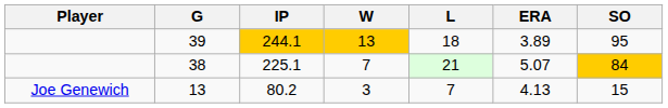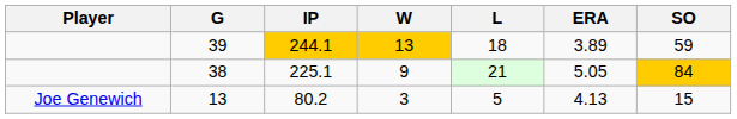 <table class="wikitable sortable">
 <tr>
 <th bgcolor="#DDDDFF" width="16%">Player</th>
 <th bgcolor="#DDDDFF" width="9%">G</th>
 <th bgcolor="#DDDDFF" width="9%">IP</th>
 <th bgcolor="#DDDDFF" width="9%">W</th>
 <th bgcolor="#DDDDFF" width="9%">L</th>
 <th bgcolor="#DDDDFF" width="9%">ERA</th>
 <th bgcolor="#DDDDFF" width="9%">SO</th>
 </tr>
 <tr align="center">
 <td></td>
 <td>39</td>
 <td style="background:#fc0;">244.1</td>
 <td style="background:#fc0;">13</td>
 <td>18</td>
 <td>3.89</td>
-<td>95</td>
+<td>59</td>
 </tr>
 <tr align="center">
 <td></td>
 <td>38</td>
 <td>225.1</td>
-<td>7</td>
+<td>9</td>
 <td style="background:#DDFFDD;">21</td>
-<td>5.07</td>
+<td>5.05</td>
 <td style="background:#fc0;">84</td>
 </tr>
 <tr align="center">
 <td><a href='#'>Joe Genewich</a></td>
 <td>13</td>
 <td>80.2</td>
 <td>3</td>
-<td>7</td>
+<td>5</td>
 <td>4.13</td>
 <td>15</td>
 </tr>
 </table>
